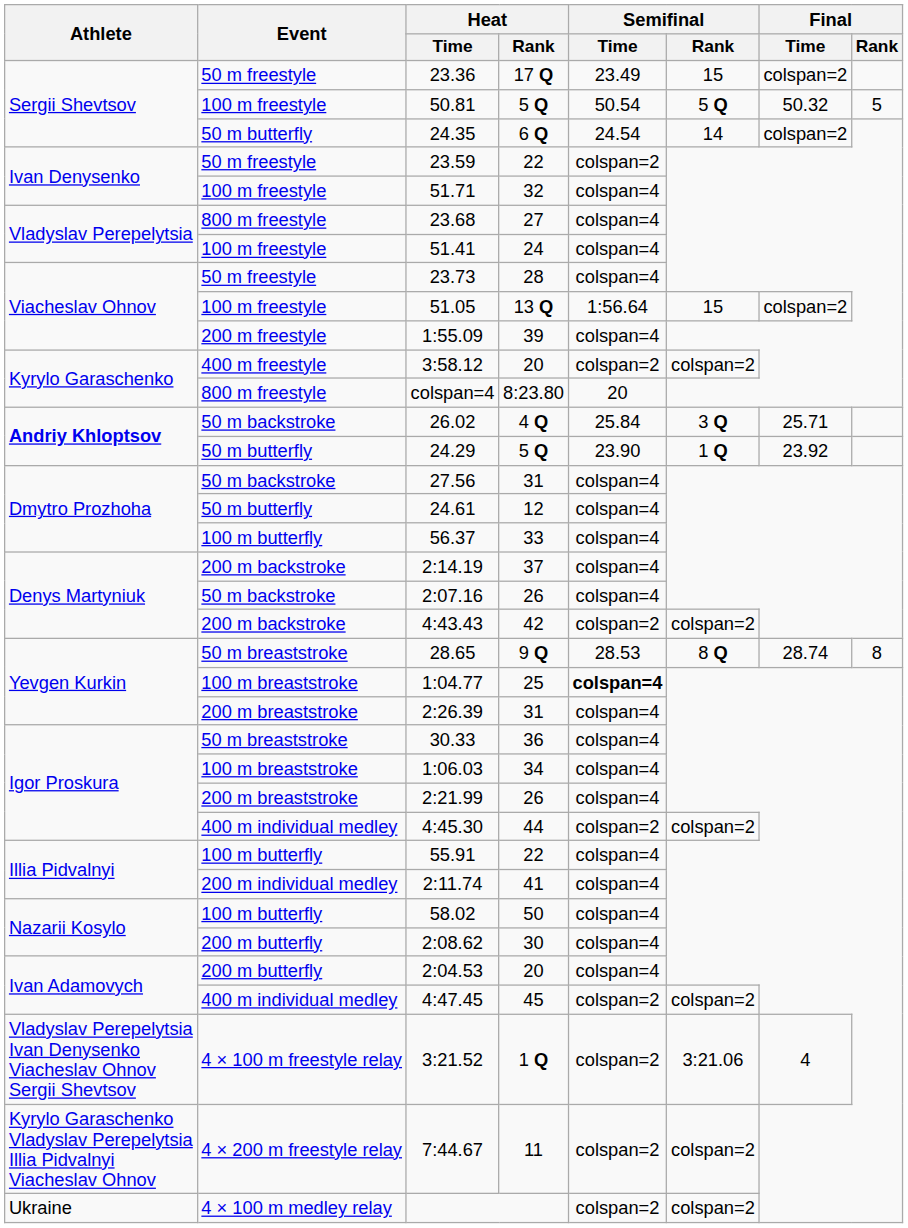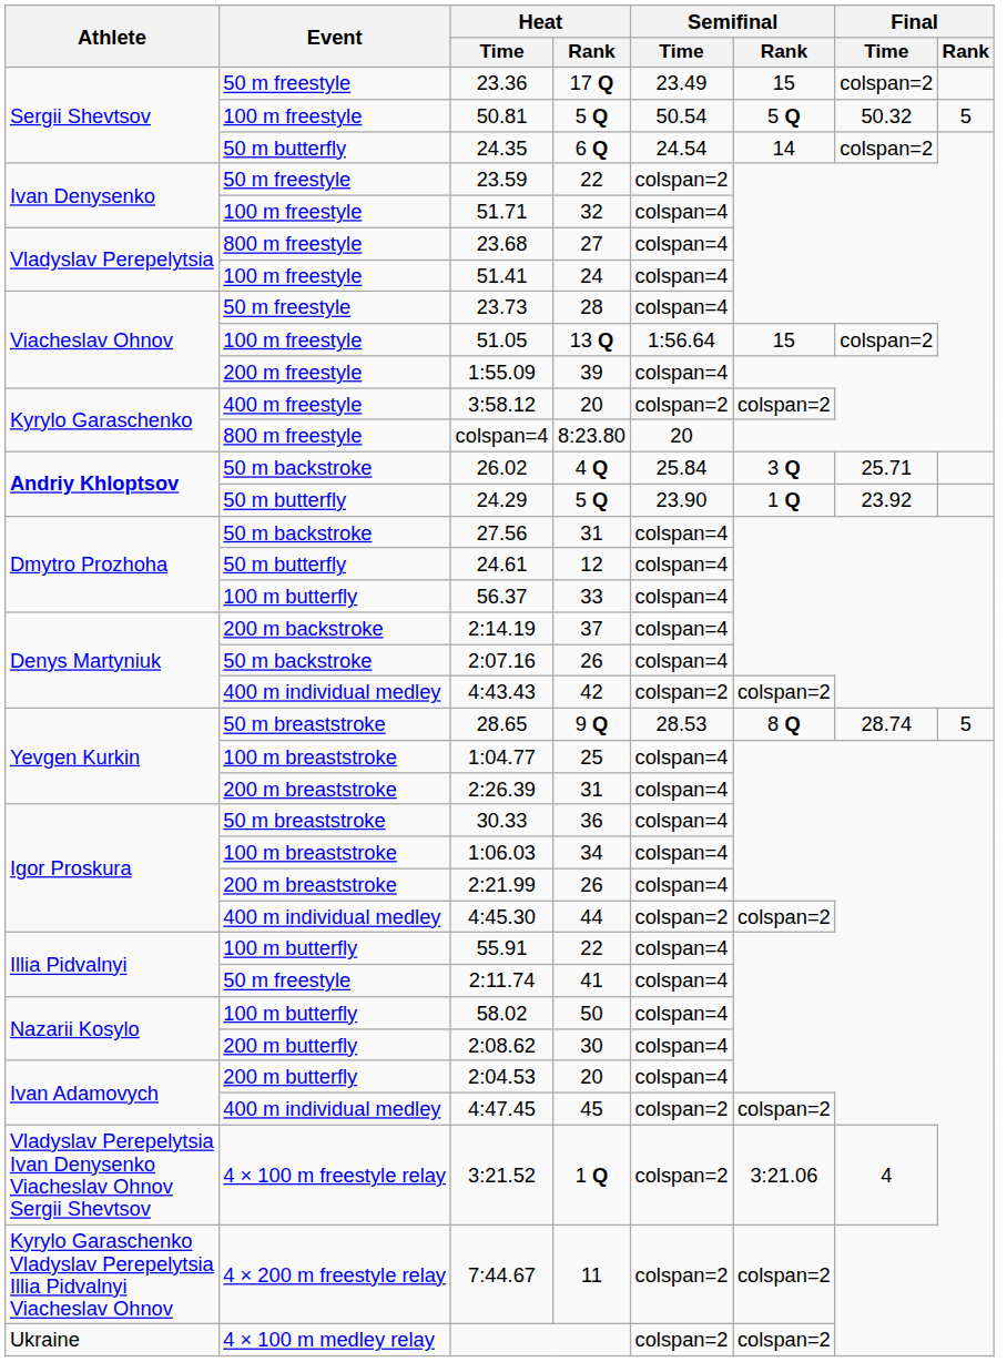 <table class=wikitable style="font-size:90%">
 <tr>
 <th rowspan="2">Athlete</th>
 <th rowspan="2">Event</th>
 <th colspan="2">Heat</th>
 <th colspan="2">Semifinal</th>
 <th colspan="2">Final</th>
 </tr>
 <tr style="font-size:95%">
 <th>Time</th>
 <th>Rank</th>
 <th>Time</th>
 <th>Rank</th>
 <th>Time</th>
 <th>Rank</th>
 </tr>
 <tr align=center>
 <td align=left rowspan=3><a href='#'>Sergii Shevtsov</a></td>
 <td align=left><a href='#'>50 m freestyle</a></td>
 <td>23.36</td>
 <td>17 <strong>Q</strong></td>
 <td>23.49</td>
 <td>15</td>
 <td>colspan=2 </td>
 </tr>
 <tr align=center>
 <td align=left><a href='#'>100 m freestyle</a></td>
 <td>50.81</td>
 <td>5 <strong>Q</strong></td>
 <td>50.54</td>
 <td>5 <strong>Q</strong></td>
 <td>50.32</td>
 <td>5</td>
 </tr>
 <tr align=center>
 <td align=left><a href='#'>50 m butterfly</a></td>
 <td>24.35</td>
 <td>6 <strong>Q</strong></td>
 <td>24.54</td>
 <td>14</td>
 <td>colspan=2 </td>
 </tr>
 <tr align=center>
 <td align=left rowspan=2><a href='#'>Ivan Denysenko</a></td>
 <td align=left><a href='#'>50 m freestyle</a></td>
 <td>23.59</td>
 <td>22</td>
 <td>colspan=2 </td>
 </tr>
 <tr align=center>
 <td align=left><a href='#'>100 m freestyle</a></td>
 <td>51.71</td>
 <td>32</td>
 <td>colspan=4 </td>
 </tr>
 <tr align=center>
 <td align=left rowspan=2><a href='#'>Vladyslav Perepelytsia</a></td>
 <td align=left><a href='#'>800 m freestyle</a></td>
 <td>23.68</td>
 <td>27</td>
 <td>colspan=4 </td>
 </tr>
 <tr align=center>
 <td align=left><a href='#'>100 m freestyle</a></td>
 <td>51.41</td>
 <td>24</td>
 <td>colspan=4 </td>
 </tr>
 <tr align=center>
 <td align=left rowspan=3><a href='#'>Viacheslav Ohnov</a></td>
 <td align=left><a href='#'>50 m freestyle</a></td>
 <td>23.73</td>
 <td>28</td>
 <td>colspan=4 </td>
 </tr>
 <tr align=center>
 <td align=left><a href='#'>100 m freestyle</a></td>
 <td>51.05</td>
 <td>13 <strong>Q</strong></td>
 <td>1:56.64</td>
 <td>15</td>
 <td>colspan=2 </td>
 </tr>
 <tr align=center>
 <td align=left><a href='#'>200 m freestyle</a></td>
 <td>1:55.09</td>
 <td>39</td>
 <td>colspan=4 </td>
 </tr>
 <tr align=center>
 <td align=left rowspan=2><a href='#'>Kyrylo Garaschenko</a></td>
 <td align=left><a href='#'>400 m freestyle</a></td>
 <td>3:58.12</td>
 <td>20</td>
 <td>colspan=2 </td>
 <td>colspan=2 </td>
 </tr>
 <tr align=center>
 <td align=left><a href='#'>800 m freestyle</a></td>
 <td>colspan=4 </td>
 <td>8:23.80</td>
 <td>20</td>
 </tr>
 <tr align=center>
 <td align=left rowspan=2><strong><a href='#'>Andriy Khloptsov</a></strong></td>
 <td align=left><a href='#'>50 m backstroke</a></td>
 <td>26.02</td>
 <td>4 <strong>Q</strong></td>
 <td>25.84</td>
 <td>3 <strong>Q</strong></td>
 <td>25.71</td>
 <td></td>
 </tr>
 <tr align=center>
 <td align=left><a href='#'>50 m butterfly</a></td>
 <td>24.29</td>
 <td>5 <strong>Q</strong></td>
 <td>23.90</td>
 <td>1 <strong>Q</strong></td>
 <td>23.92</td>
 <td></td>
 </tr>
 <tr align=center>
 <td align=left rowspan=3><a href='#'>Dmytro Prozhoha</a></td>
 <td align=left><a href='#'>50 m backstroke</a></td>
 <td>27.56</td>
 <td>31</td>
 <td>colspan=4 </td>
 </tr>
 <tr align=center>
 <td align=left><a href='#'>50 m butterfly</a></td>
 <td>24.61</td>
 <td>12</td>
 <td>colspan=4 </td>
 </tr>
 <tr align=center>
 <td align=left><a href='#'>100 m butterfly</a></td>
 <td>56.37</td>
 <td>33</td>
 <td>colspan=4 </td>
 </tr>
 <tr align=center>
 <td align=left rowspan=3><a href='#'>Denys Martyniuk</a></td>
 <td align=left><a href='#'>200 m backstroke</a></td>
 <td>2:14.19</td>
 <td>37</td>
 <td>colspan=4 </td>
 </tr>
 <tr align=center>
 <td align=left><a href='#'>50 m backstroke</a></td>
 <td>2:07.16</td>
 <td>26</td>
 <td>colspan=4 </td>
 </tr>
 <tr align=center>
-<td align=left><a href='#'>200 m backstroke</a></td>
+<td align=left><a href='#'>400 m individual medley</a></td>
 <td>4:43.43</td>
 <td>42</td>
 <td>colspan=2 </td>
 <td>colspan=2 </td>
 </tr>
 <tr align=center>
 <td align=left rowspan=3><a href='#'>Yevgen Kurkin</a></td>
 <td align=left><a href='#'>50 m breaststroke</a></td>
 <td>28.65</td>
 <td>9 <strong>Q</strong></td>
 <td>28.53</td>
 <td>8 <strong>Q</strong></td>
 <td>28.74</td>
-<td>8</td>
+<td>5</td>
 </tr>
 <tr align=center>
 <td align=left><a href='#'>100 m breaststroke</a></td>
 <td>1:04.77</td>
 <td>25</td>
-<td><strong>colspan=4 </strong></td>
+<td>colspan=4 </td>
 </tr>
 <tr align=center>
 <td align=left><a href='#'>200 m breaststroke</a></td>
 <td>2:26.39</td>
 <td>31</td>
 <td>colspan=4 </td>
 </tr>
 <tr align=center>
 <td align=left rowspan=4><a href='#'>Igor Proskura</a></td>
 <td align=left><a href='#'>50 m breaststroke</a></td>
 <td>30.33</td>
 <td>36</td>
 <td>colspan=4 </td>
 </tr>
 <tr align=center>
 <td align=left><a href='#'>100 m breaststroke</a></td>
 <td>1:06.03</td>
 <td>34</td>
 <td>colspan=4 </td>
 </tr>
 <tr align=center>
 <td align=left><a href='#'>200 m breaststroke</a></td>
 <td>2:21.99</td>
 <td>26</td>
 <td>colspan=4 </td>
 </tr>
 <tr align=center>
 <td align=left><a href='#'>400 m individual medley</a></td>
 <td>4:45.30</td>
 <td>44</td>
 <td>colspan=2 </td>
 <td>colspan=2 </td>
 </tr>
 <tr align=center>
 <td align=left rowspan=2><a href='#'>Illia Pidvalnyi</a></td>
 <td align=left><a href='#'>100 m butterfly</a></td>
 <td>55.91</td>
 <td>22</td>
 <td>colspan=4 </td>
 </tr>
 <tr align=center>
-<td align=left><a href='#'>200 m individual medley</a></td>
+<td align=left><a href='#'>50 m freestyle</a></td>
 <td>2:11.74</td>
 <td>41</td>
 <td>colspan=4 </td>
 </tr>
 <tr align=center>
 <td align=left rowspan=2><a href='#'>Nazarii Kosylo</a></td>
 <td align=left><a href='#'>100 m butterfly</a></td>
 <td>58.02</td>
 <td>50</td>
 <td>colspan=4 </td>
 </tr>
 <tr align=center>
 <td align=left><a href='#'>200 m butterfly</a></td>
 <td>2:08.62</td>
 <td>30</td>
 <td>colspan=4 </td>
 </tr>
 <tr align=center>
 <td align=left rowspan=2><a href='#'>Ivan Adamovych</a></td>
 <td align=left><a href='#'>200 m butterfly</a></td>
 <td>2:04.53</td>
 <td>20</td>
 <td>colspan=4 </td>
 </tr>
 <tr align=center>
 <td align=left><a href='#'>400 m individual medley</a></td>
 <td>4:47.45</td>
 <td>45</td>
 <td>colspan=2 </td>
 <td>colspan=2 </td>
 </tr>
 <tr align=center>
 <td align=left><a href='#'>Vladyslav Perepelytsia</a><br> <a href='#'>Ivan Denysenko</a><br> <a href='#'>Viacheslav Ohnov</a><br> <a href='#'>Sergii Shevtsov</a></td>
 <td align=left><a href='#'>4 × 100 m freestyle relay</a></td>
 <td>3:21.52</td>
 <td>1 <strong>Q</strong></td>
 <td>colspan=2 </td>
 <td>3:21.06</td>
 <td>4</td>
 </tr>
 <tr align=center>
 <td align=left><a href='#'>Kyrylo Garaschenko</a><br> <a href='#'>Vladyslav Perepelytsia</a><br> <a href='#'>Illia Pidvalnyi</a><br> <a href='#'>Viacheslav Ohnov</a></td>
 <td align=left><a href='#'>4 × 200 m freestyle relay</a></td>
 <td>7:44.67</td>
 <td>11</td>
 <td>colspan=2 </td>
 <td>colspan=2 </td>
 </tr>
 <tr align=center>
 <td align=left>Ukraine</td>
 <td align=left><a href='#'>4 × 100 m medley relay</a></td>
 <td colspan=2></td>
 <td>colspan=2 </td>
 <td>colspan=2 </td>
 </tr>
 </table>
